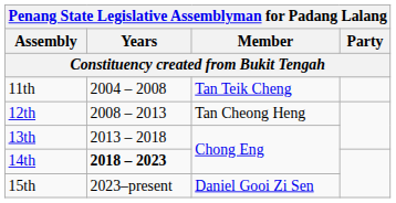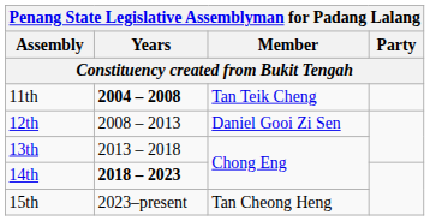 <table class="wikitable">
 <tr>
 <th colspan="4"><a href='#'>Penang State Legislative Assemblyman</a> for Padang Lalang</th>
 </tr>
 <tr>
 <th>Assembly</th>
 <th>Years</th>
 <th>Member</th>
 <th>Party</th>
 </tr>
 <tr>
 <th colspan="4" align="center"><em>Constituency created from Bukit Tengah</em></th>
 </tr>
 <tr>
 <td>11th</td>
-<td>2004 – 2008</td>
+<td><strong>2004 – 2008</strong></td>
 <td><a href='#'>Tan Teik Cheng</a></td>
 <td></td>
 </tr>
 <tr>
 <td><a href='#'>12th</a></td>
 <td>2008 – 2013</td>
-<td>Tan Cheong Heng</td>
+<td><a href='#'>Daniel Gooi Zi Sen</a></td>
 <td rowspan="2"></td>
 </tr>
 <tr>
 <td><a href='#'>13th</a></td>
 <td>2013 – 2018</td>
 <td rowspan="2"><a href='#'>Chong Eng</a></td>
 </tr>
 <tr>
 <td><a href='#'>14th</a></td>
 <td><strong>2018 – 2023</strong></td>
 <td rowspan=2></td>
 </tr>
 <tr>
 <td>15th</td>
 <td>2023–present</td>
-<td><a href='#'>Daniel Gooi Zi Sen</a></td>
+<td>Tan Cheong Heng</td>
 </tr>
 </table>
